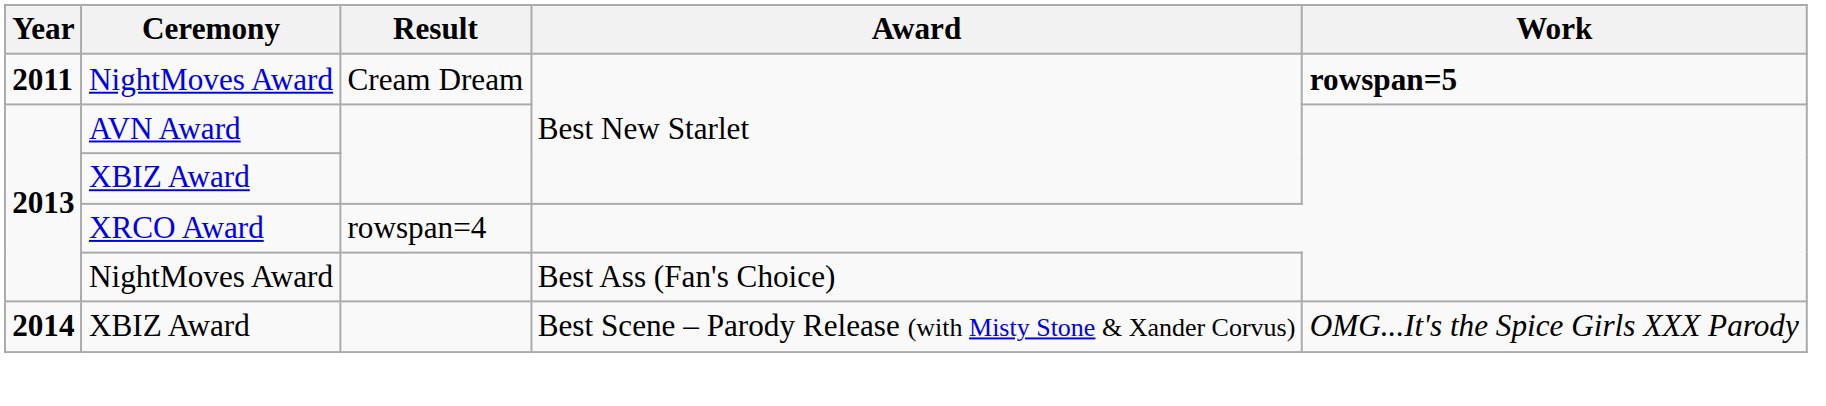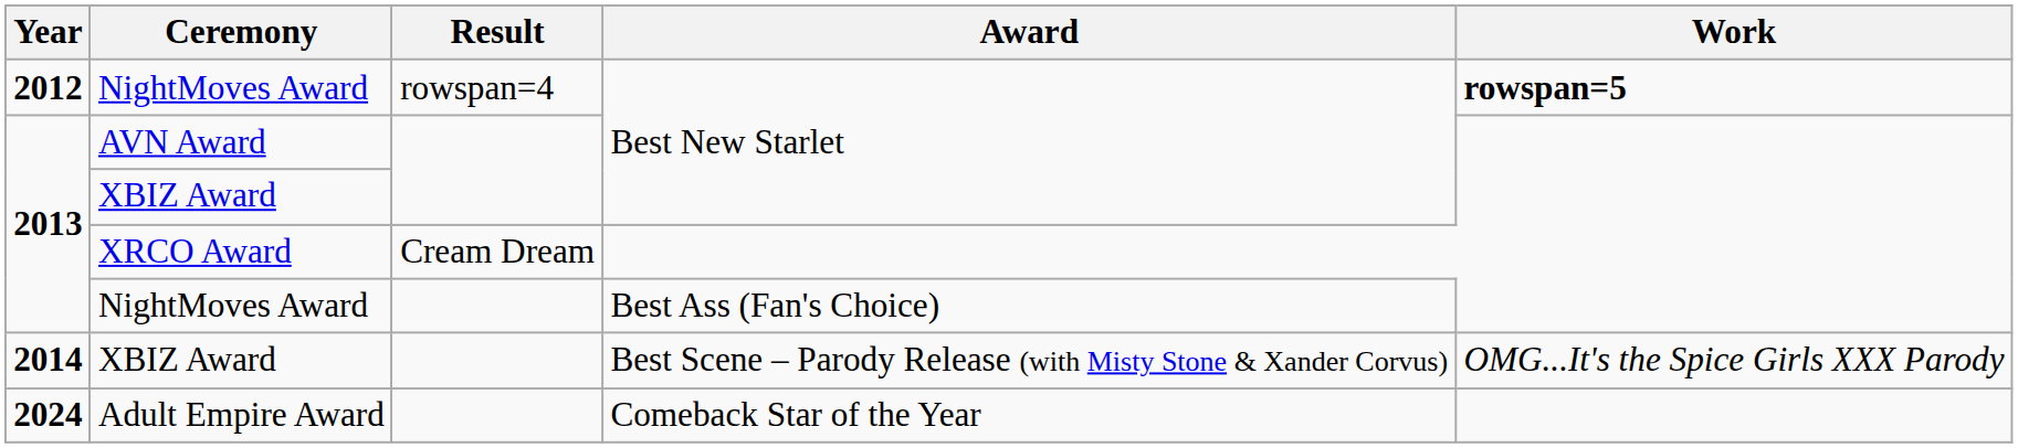 <table class="wikitable">
 <tr>
 <th>Year</th>
 <th>Ceremony</th>
 <th>Result</th>
 <th>Award</th>
 <th>Work</th>
 </tr>
 <tr>
-<td><strong>2011</strong></td>
+<td><strong>2012</strong></td>
 <td><a href='#'>NightMoves Award</a></td>
-<td>Cream Dream</td>
+<td>rowspan=4 </td>
 <td rowspan=3>Best New Starlet</td>
 <td><strong>rowspan=5 </strong></td>
 </tr>
 <tr>
 <td rowspan="4"><strong>2013</strong></td>
 <td><a href='#'>AVN Award</a></td>
 </tr>
 <tr>
 <td><a href='#'>XBIZ Award</a></td>
 </tr>
 <tr>
 <td><a href='#'>XRCO Award</a></td>
-<td>rowspan=4 </td>
+<td>Cream Dream</td>
 </tr>
 <tr>
 <td>NightMoves Award</td>
 <td></td>
 <td>Best Ass (Fan's Choice)</td>
 </tr>
 <tr>
 <td><strong>2014</strong></td>
 <td>XBIZ Award</td>
 <td></td>
 <td>Best Scene – Parody Release <small>(with <a href='#'>Misty Stone</a> & Xander Corvus)</small></td>
 <td><em>OMG...It's the Spice Girls XXX Parody</em></td>
 </tr>
+<tr>
+<td><strong>2024</strong></td>
+<td>Adult Empire Award</td>
+<td></td>
+<td>Comeback Star of the Year</td>
+<td></td>
+</tr>
 </table>
